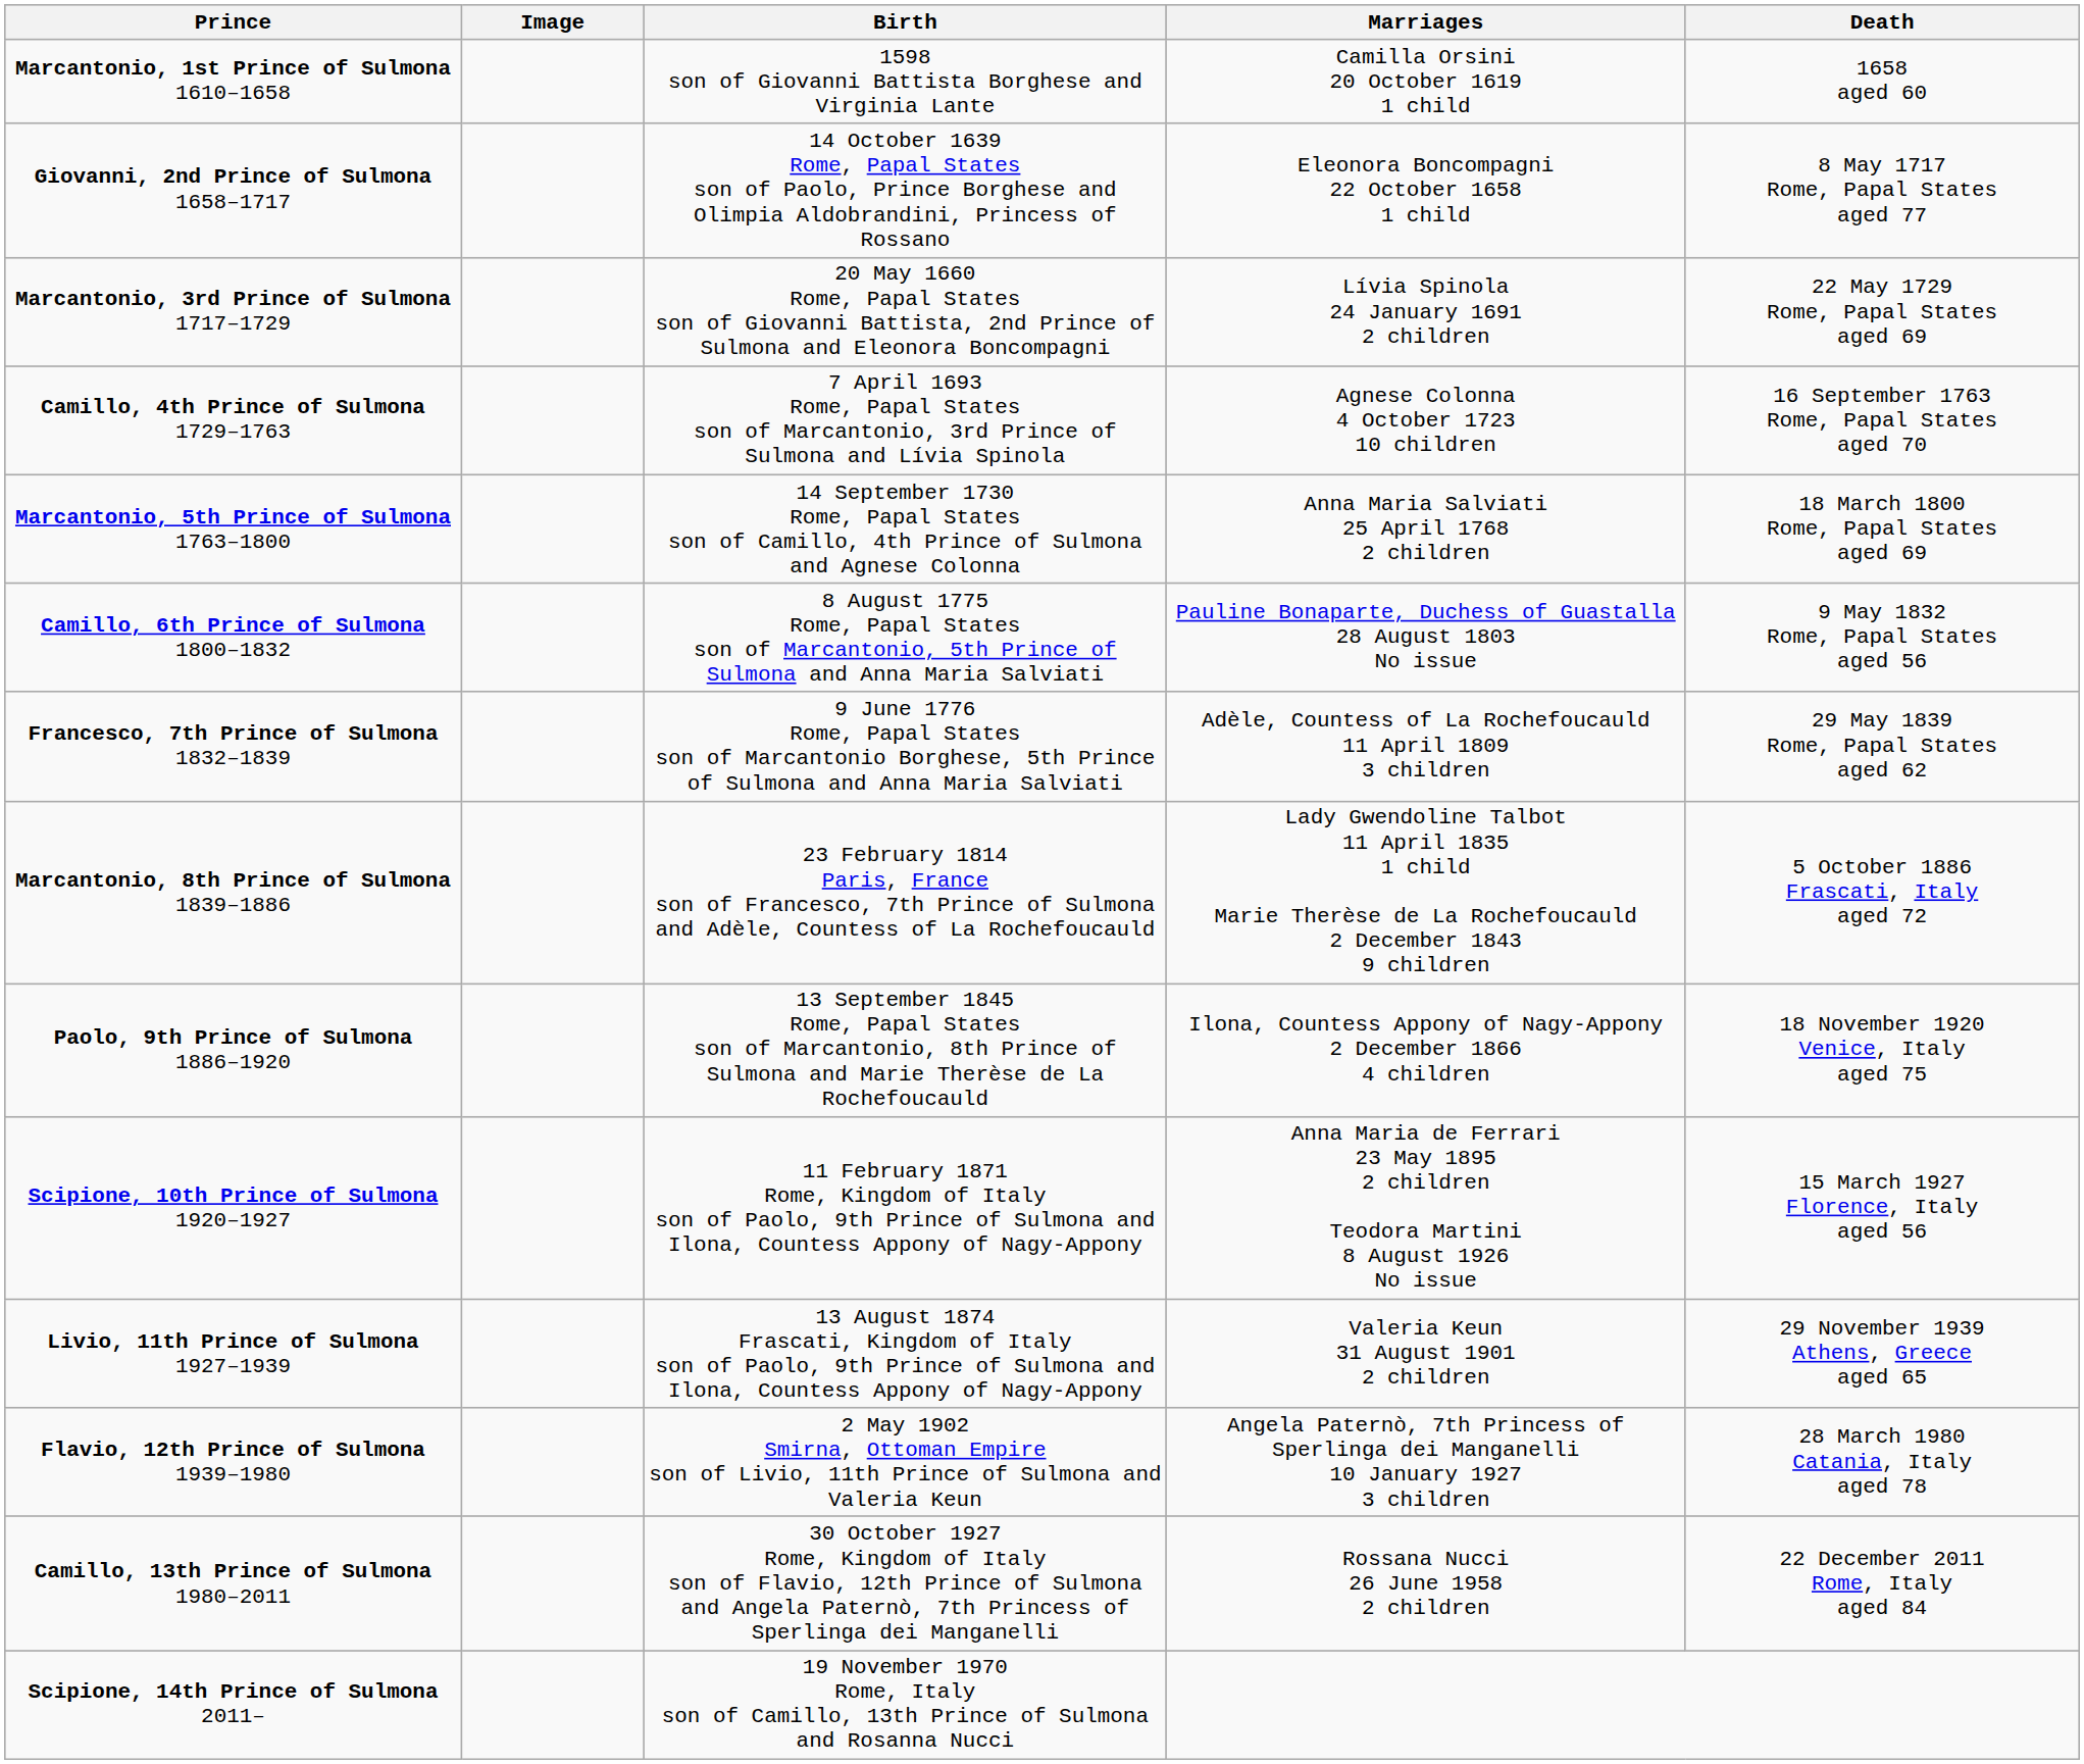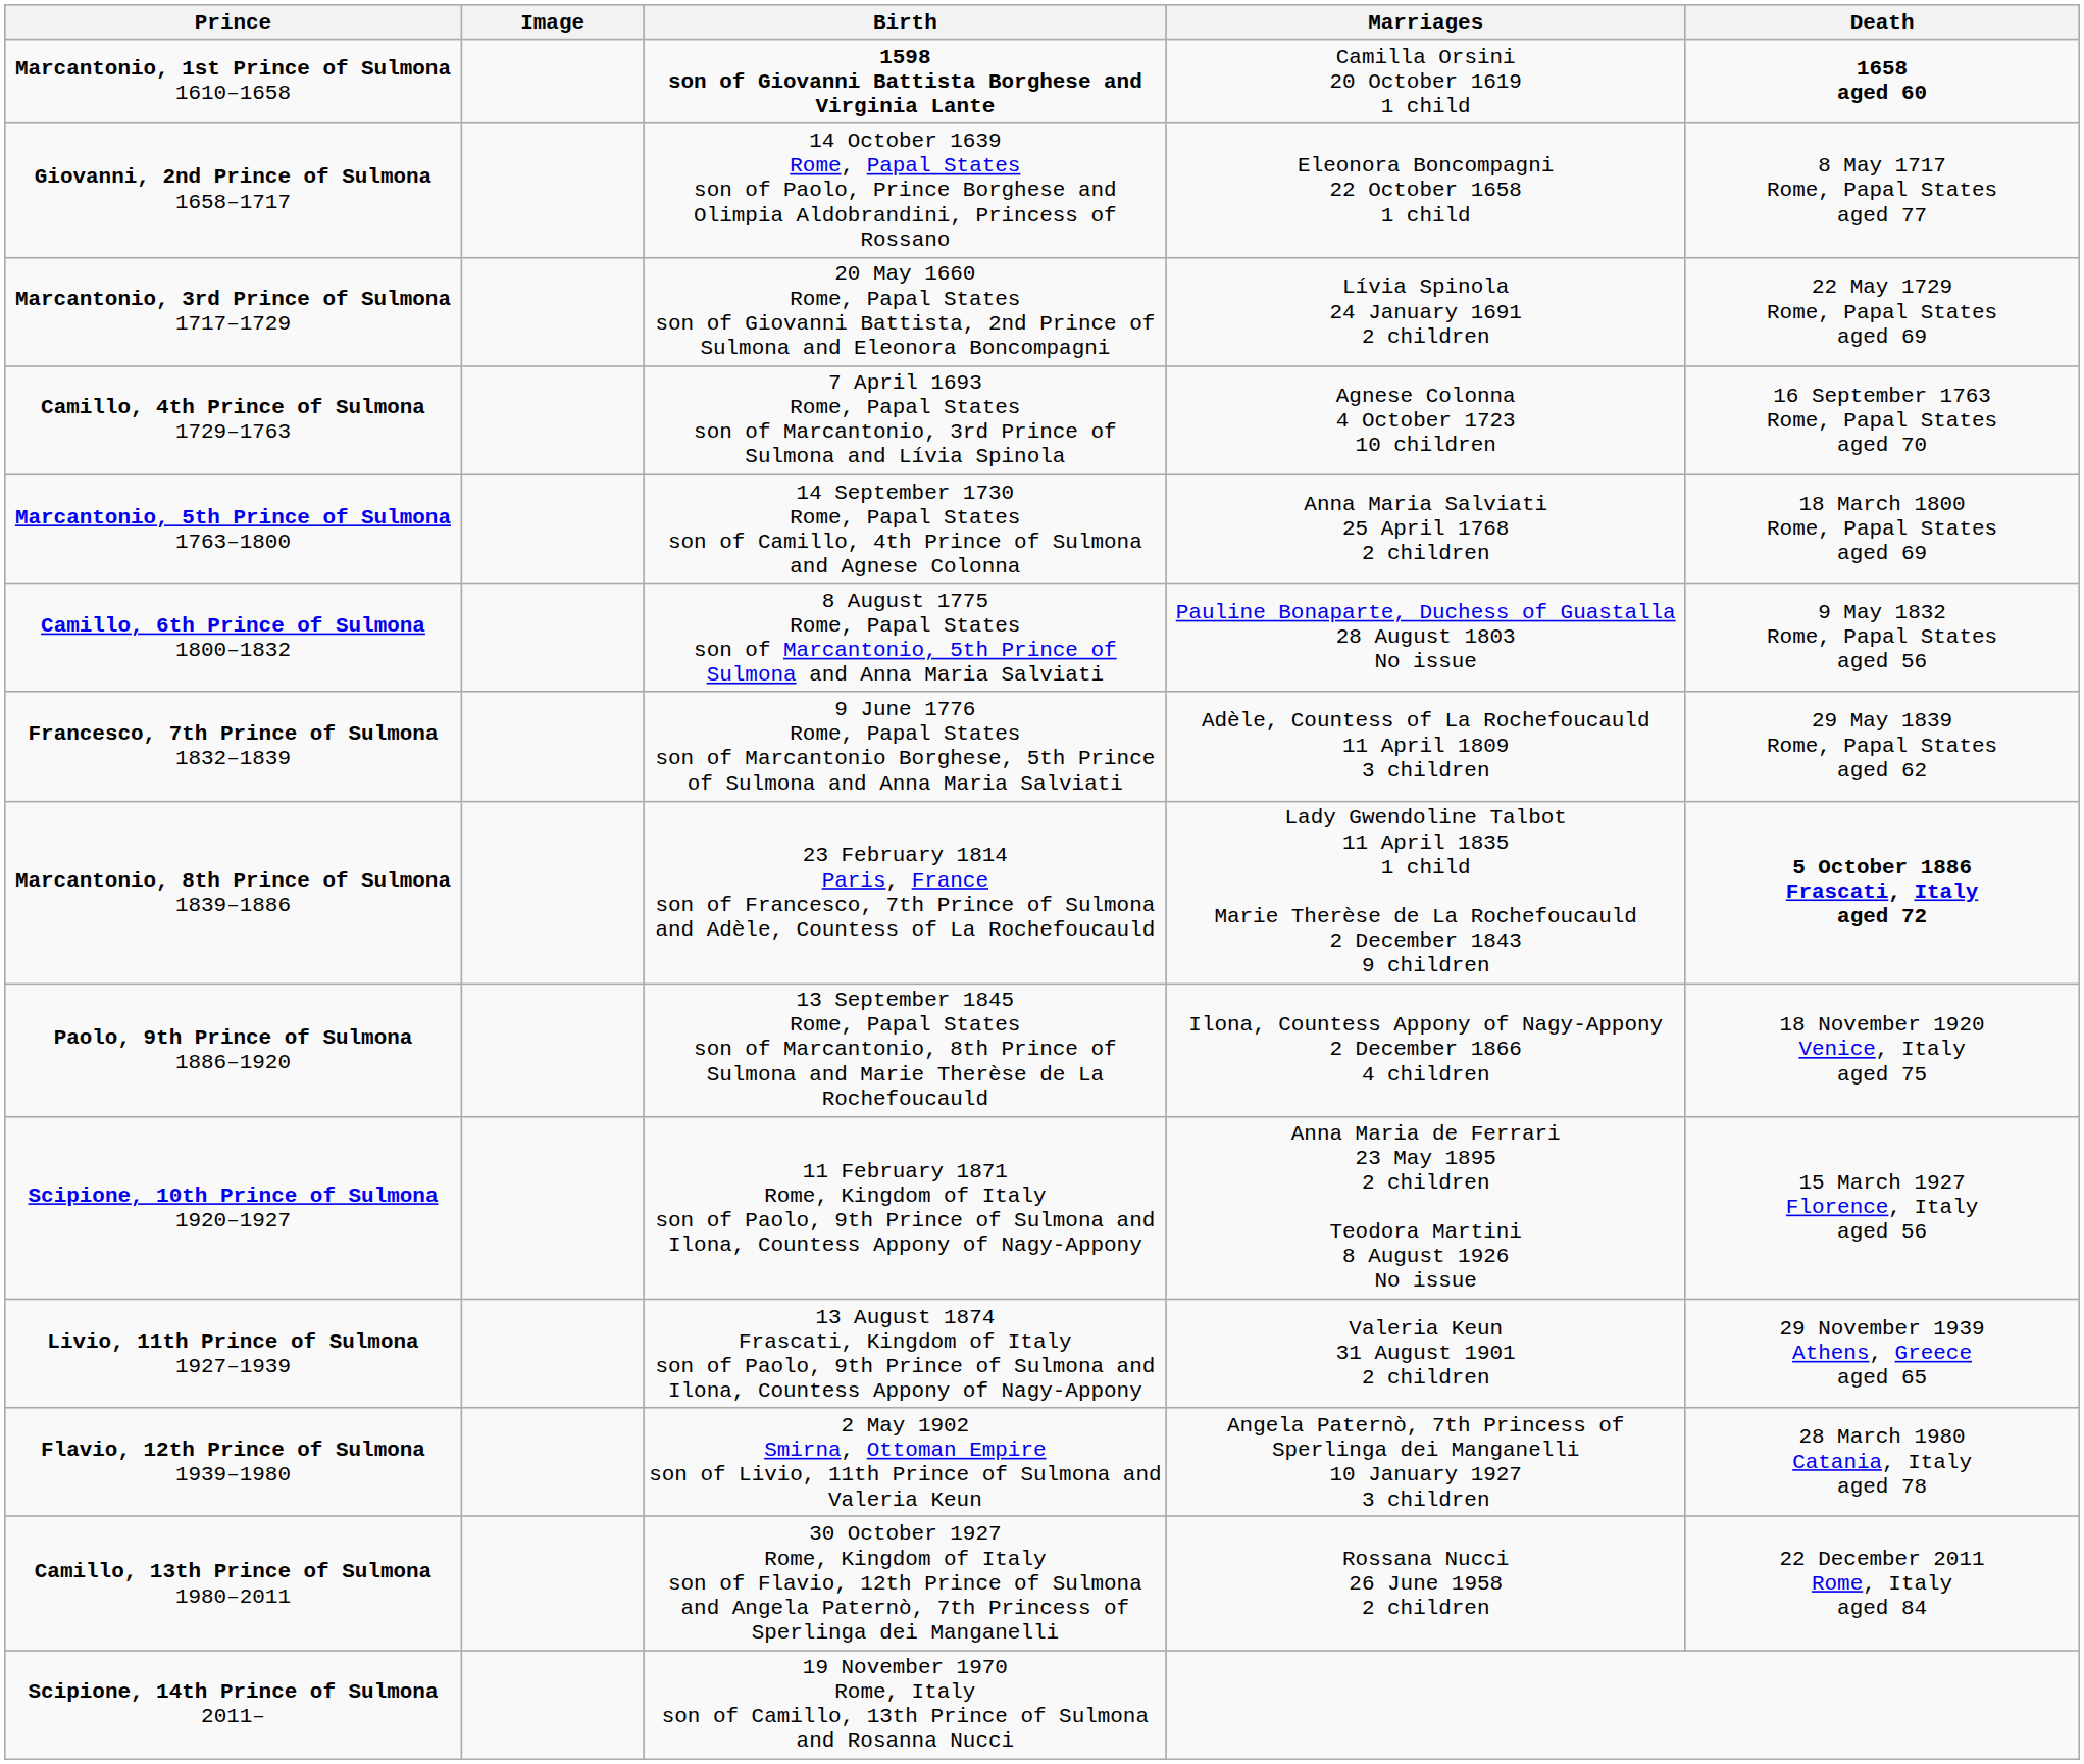 <table style="text-align:center; width:100%" class="wikitable">
 <tr>
 <th width=22%>Prince</th>
 <th width=105px>Image</th>
 <th>Birth</th>
 <th width=25%>Marriages</th>
 <th width=19%>Death</th>
 </tr>
 <tr>
 <td><strong>Marcantonio, 1st Prince of Sulmona</strong><br>1610–1658</td>
 <td></td>
-<td>1598<br>son of Giovanni Battista Borghese and Virginia Lante</td>
+<td><strong>1598<br>son of Giovanni Battista Borghese and Virginia Lante</strong></td>
 <td>Camilla Orsini<br>20 October 1619<br>1 child</td>
-<td>1658<br>aged 60</td>
+<td><strong>1658<br>aged 60</strong></td>
 </tr>
 <tr>
 <td><strong>Giovanni, 2nd Prince of Sulmona</strong><br>1658–1717</td>
 <td></td>
 <td>14 October 1639<br><a href='#'>Rome</a>, <a href='#'>Papal States</a><br>son of Paolo, Prince Borghese and Olimpia Aldobrandini, Princess of Rossano</td>
 <td>Eleonora Boncompagni<br>22 October 1658<br>1 child</td>
 <td>8 May 1717<br>Rome, Papal States<br>aged 77</td>
 </tr>
 <tr>
 <td><strong>Marcantonio, 3rd Prince of Sulmona</strong><br>1717–1729</td>
 <td></td>
 <td>20 May 1660<br>Rome, Papal States<br>son of Giovanni Battista, 2nd Prince of Sulmona and Eleonora Boncompagni</td>
 <td>Lívia Spinola<br>24 January 1691<br>2 children</td>
 <td>22 May 1729<br>Rome, Papal States<br>aged 69</td>
 </tr>
 <tr>
 <td><strong>Camillo, 4th Prince of Sulmona</strong><br>1729–1763</td>
 <td></td>
 <td>7 April 1693<br>Rome, Papal States<br>son of Marcantonio, 3rd Prince of Sulmona and Lívia Spinola</td>
 <td>Agnese Colonna<br>4 October 1723<br>10 children</td>
 <td>16 September 1763<br>Rome, Papal States<br>aged 70</td>
 </tr>
 <tr>
 <td><strong><a href='#'>Marcantonio, 5th Prince of Sulmona</a></strong><br>1763–1800</td>
 <td></td>
 <td>14 September 1730<br>Rome, Papal States<br>son of Camillo, 4th Prince of Sulmona and Agnese Colonna</td>
 <td>Anna Maria Salviati<br>25 April 1768<br>2 children</td>
 <td>18 March 1800<br>Rome, Papal States<br>aged 69</td>
 </tr>
 <tr>
 <td><strong><a href='#'>Camillo, 6th Prince of Sulmona</a></strong><br>1800–1832</td>
 <td></td>
 <td>8 August 1775<br>Rome, Papal States<br>son of <a href='#'>Marcantonio, 5th Prince of Sulmona</a> and Anna Maria Salviati</td>
 <td><a href='#'>Pauline Bonaparte, Duchess of Guastalla</a> <br>28 August 1803<br>No issue</td>
 <td>9 May 1832<br>Rome, Papal States<br>aged 56</td>
 </tr>
 <tr>
 <td><strong>Francesco, 7th Prince of Sulmona</strong><br>1832–1839</td>
 <td></td>
 <td>9 June 1776<br>Rome, Papal States<br>son of Marcantonio Borghese, 5th Prince of Sulmona and Anna Maria Salviati</td>
 <td>Adèle, Countess of La Rochefoucauld<br>11 April 1809<br>3 children</td>
 <td>29 May 1839<br>Rome, Papal States<br>aged 62</td>
 </tr>
 <tr>
 <td><strong>Marcantonio, 8th Prince of Sulmona</strong><br>1839–1886</td>
 <td></td>
 <td>23 February 1814<br><a href='#'>Paris</a>, <a href='#'>France</a><br>son of Francesco, 7th Prince of Sulmona and Adèle, Countess of La Rochefoucauld</td>
 <td>Lady Gwendoline Talbot <br>11 April 1835<br>1 child<br><br>Marie Therèse de La Rochefoucauld <br>2 December 1843<br>9 children</td>
-<td>5 October 1886<br><a href='#'>Frascati</a>, <a href='#'>Italy</a><br>aged 72</td>
+<td><strong>5 October 1886<br><a href='#'>Frascati</a>, <a href='#'>Italy</a><br>aged 72</strong></td>
 </tr>
 <tr>
 <td><strong>Paolo, 9th Prince of Sulmona</strong><br>1886–1920</td>
 <td></td>
 <td>13 September 1845<br>Rome, Papal States<br>son of Marcantonio, 8th Prince of Sulmona and Marie Therèse de La Rochefoucauld</td>
 <td>Ilona, Countess Appony of Nagy-Appony<br>2 December 1866<br>4 children</td>
 <td>18 November 1920<br><a href='#'>Venice</a>, Italy<br>aged 75</td>
 </tr>
 <tr>
 <td><strong><a href='#'>Scipione, 10th Prince of Sulmona</a></strong><br>1920–1927</td>
 <td></td>
 <td>11 February 1871<br>Rome, Kingdom of Italy <br>son of Paolo, 9th Prince of Sulmona and Ilona, Countess Appony of Nagy-Appony</td>
 <td>Anna Maria de Ferrari<br>23 May 1895<br>2 children<br><br>Teodora Martini <br>8 August 1926<br>No issue</td>
 <td>15 March 1927<br><a href='#'>Florence</a>, Italy<br>aged 56</td>
 </tr>
 <tr>
 <td><strong>Livio, 11th Prince of Sulmona</strong><br>1927–1939</td>
 <td></td>
 <td>13 August 1874<br>Frascati, Kingdom of Italy <br>son of Paolo, 9th Prince of Sulmona and Ilona, Countess Appony of Nagy-Appony</td>
 <td>Valeria Keun<br>31 August 1901<br>2 children</td>
 <td>29 November 1939<br><a href='#'>Athens</a>, <a href='#'>Greece</a><br>aged 65</td>
 </tr>
 <tr>
 <td><strong>Flavio, 12th Prince of Sulmona</strong><br>1939–1980</td>
 <td></td>
 <td>2 May 1902 <br><a href='#'>Smirna</a>, <a href='#'>Ottoman Empire</a><br>son of Livio, 11th Prince of Sulmona and Valeria Keun</td>
 <td>Angela Paternò, 7th Princess of Sperlinga dei Manganelli<br>10 January 1927<br>3 children</td>
 <td>28 March 1980<br><a href='#'>Catania</a>, Italy<br>aged 78</td>
 </tr>
 <tr>
 <td><strong>Camillo, 13th Prince of Sulmona</strong><br>1980–2011</td>
 <td></td>
 <td>30 October 1927 <br>Rome, Kingdom of Italy<br>son of Flavio, 12th Prince of Sulmona and Angela Paternò, 7th Princess of Sperlinga dei Manganelli</td>
 <td>Rossana Nucci <br>26 June 1958<br>2 children<br></td>
 <td>22 December 2011<br><a href='#'>Rome</a>, Italy<br>aged 84</td>
 </tr>
 <tr>
 <td><strong>Scipione, 14th Prince of Sulmona</strong><br>2011–</td>
 <td></td>
 <td>19 November 1970 <br>Rome, Italy<br>son of Camillo, 13th Prince of Sulmona and Rosanna Nucci</td>
 </tr>
 </table>
